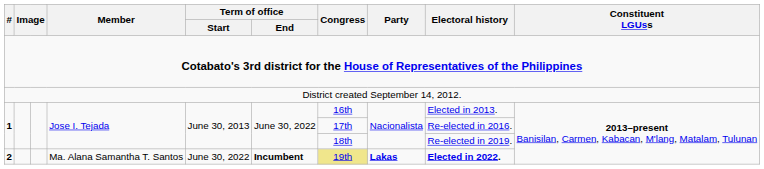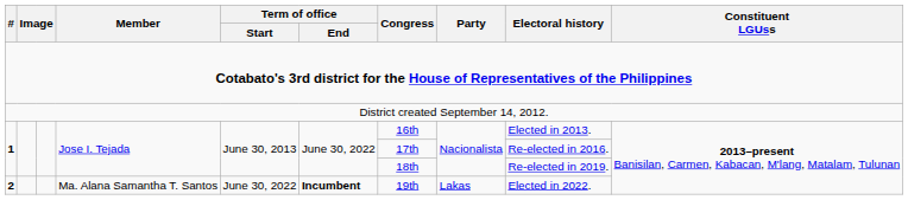 <table class=wikitable>
 <tr>
 <th rowspan="2">#</th>
 <th rowspan="2" colspan=2>Image</th>
 <th rowspan="2">Member</th>
 <th colspan=2>Term of office</th>
 <th rowspan="2">Congress</th>
 <th rowspan="2">Party</th>
 <th rowspan="2">Electoral history</th>
 <th rowspan="2">Constituent<br><a href='#'>LGUs</a>s</th>
 </tr>
 <tr>
 <th>Start</th>
 <th>End</th>
 </tr>
 <tr>
 <td colspan="10" style="text-align:center;"><br><h3>Cotabato's 3rd district for the <a href='#'>House of Representatives of the Philippines</a></h3></td>
 </tr>
 <tr>
 <td colspan="10" style="text-align:center;">District created September 14, 2012.</td>
 </tr>
 <tr>
 <td rowspan="3" style="text-align:center;"><strong>1</strong></td>
 <td rowspan="3" style="color:inherit;background:"></td>
 <td rowspan="3"></td>
 <td rowspan="3"><a href='#'>Jose I. Tejada</a></td>
 <td rowspan="3">June 30, 2013</td>
 <td rowspan="3">June 30, 2022</td>
 <td style="text-align:center;"><a href='#'>16th</a></td>
 <td rowspan="3"><a href='#'>Nacionalista</a></td>
 <td><a href='#'>Elected in 2013</a>.</td>
 <td rowspan=99 style="text-align:center;"><strong>2013–present</strong><br><a href='#'>Banisilan</a>, <a href='#'>Carmen</a>, <a href='#'>Kabacan</a>, <a href='#'>M'lang</a>, <a href='#'>Matalam</a>, <a href='#'>Tulunan</a></td>
 </tr>
 <tr>
 <td style="text-align:center;"><a href='#'>17th</a></td>
 <td><a href='#'>Re-elected in 2016</a>.</td>
 </tr>
 <tr>
 <td style="text-align:center;"><a href='#'>18th</a></td>
 <td><a href='#'>Re-elected in 2019</a>.</td>
 </tr>
 <tr>
 <td style="text-align:center;"><strong>2</strong></td>
 <td style="color:inherit;background:"></td>
 <td></td>
 <td>Ma. Alana Samantha T. Santos</td>
 <td>June 30, 2022</td>
 <td><strong>Incumbent</strong></td>
-<td style="background: khaki; text-align:center;"><a href='#'>19th</a></td>
-<td><strong><a href='#'>Lakas</a></strong></td>
-<td><strong><a href='#'>Elected in 2022</a>.</strong></td>
+<td style="text-align:center;"><a href='#'>19th</a></td>
+<td><a href='#'>Lakas</a></td>
+<td><a href='#'>Elected in 2022</a>.</td>
 </tr>
 </table>
